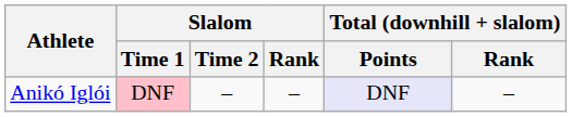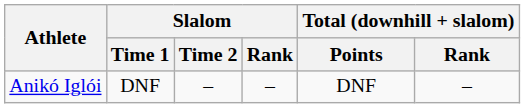 <table class="wikitable" style="font-size:90%">
 <tr>
 <th rowspan="2">Athlete</th>
 <th colspan="3">Slalom</th>
 <th colspan="2">Total (downhill + slalom)</th>
 </tr>
 <tr>
 <th>Time 1</th>
 <th>Time 2</th>
 <th>Rank</th>
 <th>Points</th>
 <th>Rank</th>
 </tr>
 <tr>
 <td><a href='#'>Anikó Iglói</a></td>
-<td align="center" style="background: pink;">DNF</td>
+<td align="center">DNF</td>
 <td align="center">–</td>
 <td align="center">–</td>
-<td align="center" style="background: lavender;">DNF</td>
+<td align="center">DNF</td>
 <td align="center">–</td>
 </tr>
 </table>
